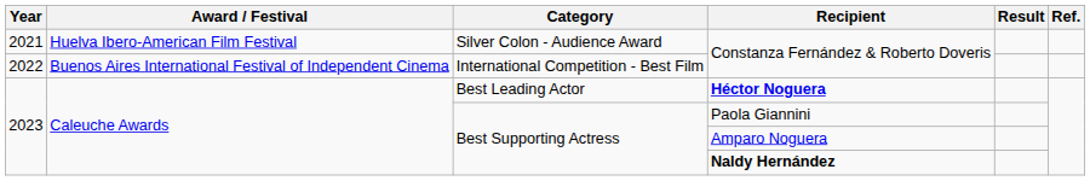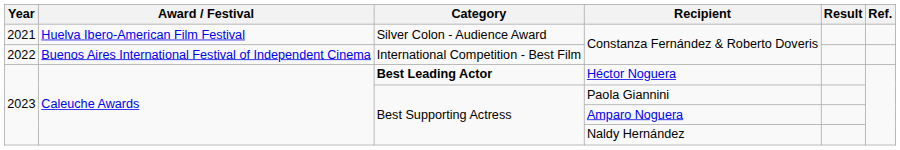 <table class="wikitable">
 <tr>
 <th>Year</th>
 <th>Award / Festival</th>
 <th>Category</th>
 <th>Recipient</th>
 <th>Result</th>
 <th>Ref.</th>
 </tr>
 <tr>
 <td>2021</td>
 <td><a href='#'>Huelva Ibero-American Film Festival</a></td>
 <td>Silver Colon - Audience Award</td>
 <td rowspan="2">Constanza Fernández & Roberto Doveris</td>
 <td></td>
 <td></td>
 </tr>
 <tr>
 <td>2022</td>
 <td><a href='#'>Buenos Aires International Festival of Independent Cinema</a></td>
 <td>International Competition - Best Film</td>
 <td></td>
 <td></td>
 </tr>
 <tr>
 <td rowspan="4">2023</td>
 <td rowspan="4"><a href='#'>Caleuche Awards</a></td>
-<td>Best Leading Actor</td>
-<td><strong><a href='#'>Héctor Noguera</a></strong></td>
+<td><strong>Best Leading Actor</strong></td>
+<td><a href='#'>Héctor Noguera</a></td>
 <td></td>
 <td rowspan="4"></td>
 </tr>
 <tr>
 <td rowspan="3">Best Supporting Actress</td>
 <td>Paola Giannini</td>
 <td></td>
 </tr>
 <tr>
 <td><a href='#'>Amparo Noguera</a></td>
 <td></td>
 </tr>
 <tr>
-<td><strong>Naldy Hernández</strong></td>
+<td>Naldy Hernández</td>
 <td></td>
 </tr>
 </table>
